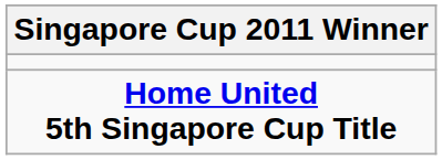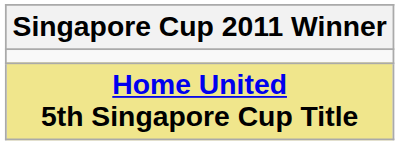 <table class="wikitable" style="text-align: center; margin: 0 auto;">
 <tr>
 <th>Singapore Cup 2011 Winner</th>
 </tr>
 <tr>
 <td></td>
 </tr>
 <tr>
-<td><strong><a href='#'>Home United</a></strong><br><strong>5th Singapore Cup Title</strong></td>
+<td style="background: khaki;"><strong><a href='#'>Home United</a></strong><br><strong>5th Singapore Cup Title</strong></td>
 </tr>
 </table>
